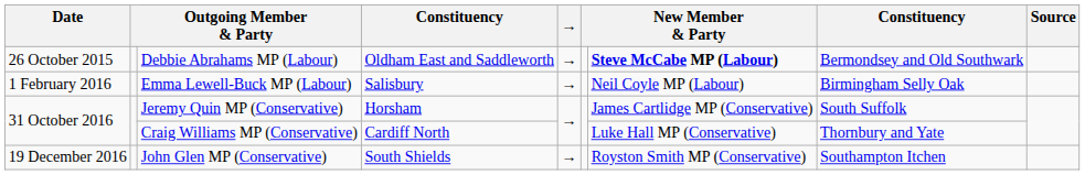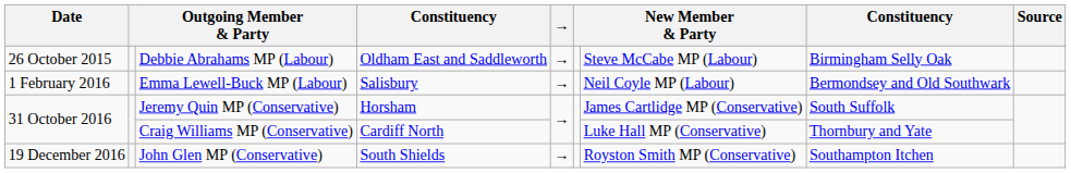 <table class="wikitable">
 <tr>
 <th valign="top">Date</th>
 <th colspan="2" valign="top">Outgoing Member<br>& Party</th>
 <th valign="top">Constituency</th>
 <th>→</th>
 <th colspan="2" valign="top">New Member<br>& Party</th>
 <th valign="top">Constituency</th>
 <th valign="top">Source</th>
 </tr>
 <tr>
 <td nowrap>26 October 2015</td>
 <td style="color:inherit;background:"></td>
 <td><a href='#'>Debbie Abrahams</a> MP (<a href='#'>Labour</a>)</td>
 <td><a href='#'>Oldham East and Saddleworth</a></td>
 <td>→</td>
 <td style="color:inherit;background:"></td>
-<td><strong><a href='#'>Steve McCabe</a> MP (<a href='#'>Labour</a>)</strong></td>
-<td><a href='#'>Bermondsey and Old Southwark</a></td>
+<td><a href='#'>Steve McCabe</a> MP (<a href='#'>Labour</a>)</td>
+<td><a href='#'>Birmingham Selly Oak</a></td>
 <td></td>
 </tr>
 <tr>
 <td nowrap>1 February 2016</td>
 <td style="color:inherit;background:"></td>
 <td><a href='#'>Emma Lewell-Buck</a> MP (<a href='#'>Labour</a>)</td>
 <td><a href='#'>Salisbury</a></td>
 <td>→</td>
 <td style="color:inherit;background:"></td>
 <td><a href='#'>Neil Coyle</a> MP (<a href='#'>Labour</a>)</td>
-<td><a href='#'>Birmingham Selly Oak</a></td>
+<td><a href='#'>Bermondsey and Old Southwark</a></td>
 <td></td>
 </tr>
 <tr>
 <td nowrap rowspan=2>31 October 2016</td>
 <td rowspan=2 style="color:inherit;background:"></td>
 <td><a href='#'>Jeremy Quin</a> MP (<a href='#'>Conservative</a>)</td>
 <td><a href='#'>Horsham</a></td>
 <td rowspan=2>→</td>
 <td rowspan=2 style="color:inherit;background:"></td>
 <td><a href='#'>James Cartlidge</a> MP (<a href='#'>Conservative</a>)</td>
 <td><a href='#'>South Suffolk</a></td>
 <td rowspan=2></td>
 </tr>
 <tr>
 <td><a href='#'>Craig Williams</a> MP (<a href='#'>Conservative</a>)</td>
 <td><a href='#'>Cardiff North</a></td>
 <td><a href='#'>Luke Hall</a> MP (<a href='#'>Conservative</a>)</td>
 <td><a href='#'>Thornbury and Yate</a></td>
 </tr>
 <tr>
 <td nowrap>19 December 2016</td>
 <td style="color:inherit;background:"></td>
 <td><a href='#'>John Glen</a> MP (<a href='#'>Conservative</a>)</td>
 <td><a href='#'>South Shields</a></td>
 <td>→</td>
 <td style="color:inherit;background:"></td>
 <td><a href='#'>Royston Smith</a> MP (<a href='#'>Conservative</a>)</td>
 <td><a href='#'>Southampton Itchen</a></td>
 <td></td>
 </tr>
 </table>
